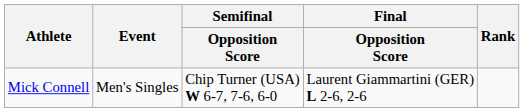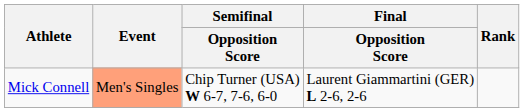 <table class="wikitable">
 <tr>
 <th rowspan="2">Athlete</th>
 <th rowspan="2">Event</th>
 <th>Semifinal</th>
 <th>Final</th>
 <th rowspan="2">Rank</th>
 </tr>
 <tr>
 <th>Opposition<br>Score</th>
 <th>Opposition<br>Score</th>
 </tr>
 <tr>
 <td><a href='#'>Mick Connell</a></td>
-<td>Men's Singles</td>
+<td style="background: lightsalmon;">Men's Singles</td>
 <td> Chip Turner (USA)<br><strong>W</strong> 6-7, 7-6, 6-0</td>
 <td> Laurent Giammartini (GER)<br><strong>L</strong> 2-6, 2-6</td>
 <td></td>
 </tr>
 </table>
